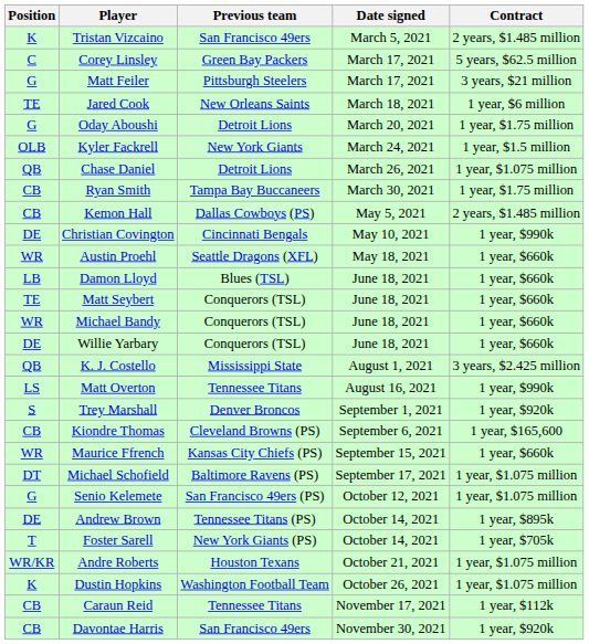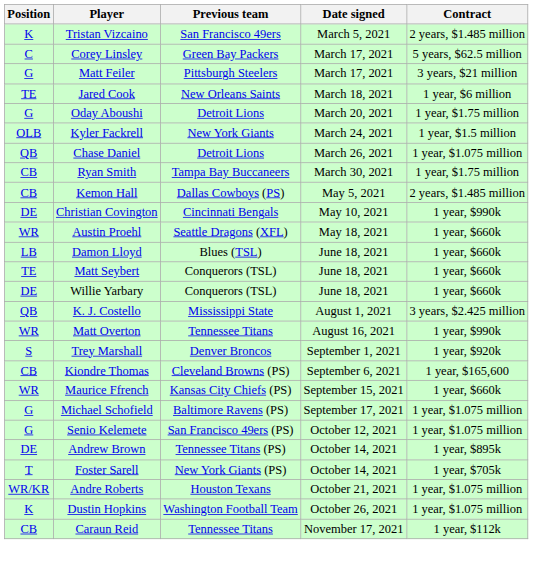 <table class="wikitable" style="text-align:center">
 <tr>
 <th>Position</th>
 <th>Player</th>
 <th>Previous team</th>
 <th>Date signed</th>
 <th>Contract</th>
 </tr>
 <tr style="background:#cfc">
 <td><a href='#'>K</a></td>
 <td><a href='#'>Tristan Vizcaino</a></td>
 <td><a href='#'>San Francisco 49ers</a></td>
 <td>March 5, 2021</td>
 <td>2 years, $1.485 million</td>
 </tr>
 <tr style="background:#cfc">
 <td><a href='#'>C</a></td>
 <td><a href='#'>Corey Linsley</a></td>
 <td><a href='#'>Green Bay Packers</a></td>
 <td>March 17, 2021</td>
 <td>5 years, $62.5 million</td>
 </tr>
 <tr style="background:#cfc">
 <td><a href='#'>G</a></td>
 <td><a href='#'>Matt Feiler</a></td>
 <td><a href='#'>Pittsburgh Steelers</a></td>
 <td>March 17, 2021</td>
 <td>3 years, $21 million</td>
 </tr>
 <tr style="background:#cfc">
 <td><a href='#'>TE</a></td>
 <td><a href='#'>Jared Cook</a></td>
 <td><a href='#'>New Orleans Saints</a></td>
 <td>March 18, 2021</td>
 <td>1 year, $6 million</td>
 </tr>
 <tr style="background:#cfc">
 <td><a href='#'>G</a></td>
 <td><a href='#'>Oday Aboushi</a></td>
 <td><a href='#'>Detroit Lions</a></td>
 <td>March 20, 2021</td>
 <td>1 year, $1.75 million</td>
 </tr>
 <tr style="background:#cfc">
 <td><a href='#'>OLB</a></td>
 <td><a href='#'>Kyler Fackrell</a></td>
 <td><a href='#'>New York Giants</a></td>
 <td>March 24, 2021</td>
 <td>1 year, $1.5 million</td>
 </tr>
 <tr style="background:#cfc">
 <td><a href='#'>QB</a></td>
 <td><a href='#'>Chase Daniel</a></td>
 <td><a href='#'>Detroit Lions</a></td>
 <td>March 26, 2021</td>
 <td>1 year, $1.075 million</td>
 </tr>
 <tr style="background:#cfc">
 <td><a href='#'>CB</a></td>
 <td><a href='#'>Ryan Smith</a></td>
 <td><a href='#'>Tampa Bay Buccaneers</a></td>
 <td>March 30, 2021</td>
 <td>1 year, $1.75 million</td>
 </tr>
 <tr style="background:#cfc">
 <td><a href='#'>CB</a></td>
 <td><a href='#'>Kemon Hall</a></td>
 <td><a href='#'>Dallas Cowboys</a> (<a href='#'>PS</a>)</td>
 <td>May 5, 2021</td>
 <td>2 years, $1.485 million</td>
 </tr>
 <tr style="background:#cfc">
 <td><a href='#'>DE</a></td>
 <td><a href='#'>Christian Covington</a></td>
 <td><a href='#'>Cincinnati Bengals</a></td>
 <td>May 10, 2021</td>
 <td>1 year, $990k</td>
 </tr>
 <tr style="background:#cfc">
 <td><a href='#'>WR</a></td>
 <td><a href='#'>Austin Proehl</a></td>
 <td><a href='#'>Seattle Dragons</a> (<a href='#'>XFL</a>)</td>
 <td>May 18, 2021</td>
 <td>1 year, $660k</td>
 </tr>
 <tr style="background:#cfc">
 <td><a href='#'>LB</a></td>
 <td><a href='#'>Damon Lloyd</a></td>
 <td>Blues (<a href='#'>TSL</a>)</td>
 <td>June 18, 2021</td>
 <td>1 year, $660k</td>
 </tr>
 <tr style="background:#cfc">
 <td><a href='#'>TE</a></td>
 <td><a href='#'>Matt Seybert</a></td>
 <td>Conquerors (TSL)</td>
 <td>June 18, 2021</td>
 <td>1 year, $660k</td>
 </tr>
 <tr style="background:#cfc">
-<td><a href='#'>WR</a></td>
-<td><a href='#'>Michael Bandy</a></td>
-<td>Conquerors (TSL)</td>
-<td>June 18, 2021</td>
-<td>1 year, $660k</td>
-</tr>
-<tr style="background:#cfc">
 <td><a href='#'>DE</a></td>
 <td>Willie Yarbary</td>
 <td>Conquerors (TSL)</td>
 <td>June 18, 2021</td>
 <td>1 year, $660k</td>
 </tr>
 <tr style="background:#cfc">
 <td><a href='#'>QB</a></td>
 <td><a href='#'>K. J. Costello</a></td>
 <td><a href='#'>Mississippi State</a></td>
 <td>August 1, 2021</td>
 <td>3 years, $2.425 million</td>
 </tr>
 <tr style="background:#cfc">
-<td><a href='#'>LS</a></td>
+<td><a href='#'>WR</a></td>
 <td><a href='#'>Matt Overton</a></td>
 <td><a href='#'>Tennessee Titans</a></td>
 <td>August 16, 2021</td>
 <td>1 year, $990k</td>
 </tr>
 <tr style="background:#cfc">
 <td><a href='#'>S</a></td>
 <td><a href='#'>Trey Marshall</a></td>
 <td><a href='#'>Denver Broncos</a></td>
 <td>September 1, 2021</td>
 <td>1 year, $920k</td>
 </tr>
 <tr style="background:#cfc">
 <td><a href='#'>CB</a></td>
 <td><a href='#'>Kiondre Thomas</a></td>
 <td><a href='#'>Cleveland Browns</a> (PS)</td>
 <td>September 6, 2021</td>
 <td>1 year, $165,600</td>
 </tr>
 <tr style="background:#cfc">
 <td><a href='#'>WR</a></td>
 <td><a href='#'>Maurice Ffrench</a></td>
 <td><a href='#'>Kansas City Chiefs</a> (PS)</td>
 <td>September 15, 2021</td>
 <td>1 year, $660k</td>
 </tr>
 <tr style="background:#cfc">
-<td><a href='#'>DT</a></td>
+<td><a href='#'>G</a></td>
 <td><a href='#'>Michael Schofield</a></td>
 <td><a href='#'>Baltimore Ravens</a> (PS)</td>
 <td>September 17, 2021</td>
 <td>1 year, $1.075 million</td>
 </tr>
 <tr style="background:#cfc">
 <td><a href='#'>G</a></td>
 <td><a href='#'>Senio Kelemete</a></td>
 <td><a href='#'>San Francisco 49ers</a> (PS)</td>
 <td>October 12, 2021</td>
 <td>1 year, $1.075 million</td>
 </tr>
 <tr style="background:#cfc">
 <td><a href='#'>DE</a></td>
 <td><a href='#'>Andrew Brown</a></td>
 <td><a href='#'>Tennessee Titans</a> (PS)</td>
 <td>October 14, 2021</td>
 <td>1 year, $895k</td>
 </tr>
 <tr style="background:#cfc">
 <td><a href='#'>T</a></td>
 <td><a href='#'>Foster Sarell</a></td>
 <td><a href='#'>New York Giants</a> (PS)</td>
 <td>October 14, 2021</td>
 <td>1 year, $705k</td>
 </tr>
 <tr style="background:#cfc">
 <td><a href='#'>WR/KR</a></td>
 <td><a href='#'>Andre Roberts</a></td>
 <td><a href='#'>Houston Texans</a></td>
 <td>October 21, 2021</td>
 <td>1 year, $1.075 million</td>
 </tr>
 <tr style="background:#cfc">
 <td><a href='#'>K</a></td>
 <td><a href='#'>Dustin Hopkins</a></td>
 <td><a href='#'>Washington Football Team</a></td>
 <td>October 26, 2021</td>
 <td>1 year, $1.075 million</td>
 </tr>
 <tr style="background:#cfc">
 <td><a href='#'>CB</a></td>
 <td><a href='#'>Caraun Reid</a></td>
 <td><a href='#'>Tennessee Titans</a></td>
 <td>November 17, 2021</td>
 <td>1 year, $112k</td>
 </tr>
-<tr style="background:#cfc">
-<td><a href='#'>CB</a></td>
-<td><a href='#'>Davontae Harris</a></td>
-<td><a href='#'>San Francisco 49ers</a></td>
-<td>November 30, 2021</td>
-<td>1 year, $920k</td>
-</tr>
 </table>
